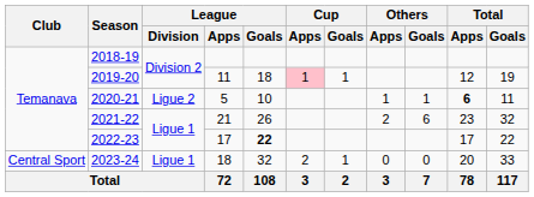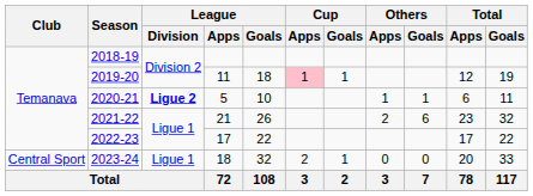 <table class="wikitable" style="text-align:center;">
 <tr>
 <th rowspan=2>Club</th>
 <th rowspan=2>Season</th>
 <th colspan=3>League</th>
 <th colspan=2>Cup</th>
 <th colspan=2>Others</th>
 <th colspan=2>Total</th>
 </tr>
 <tr>
 <th>Division</th>
 <th>Apps</th>
 <th>Goals</th>
 <th>Apps</th>
 <th>Goals</th>
 <th>Apps</th>
 <th>Goals</th>
 <th>Apps</th>
 <th>Goals</th>
 </tr>
 <tr>
 <td rowspan=5><a href='#'>Temanava</a></td>
 <td><a href='#'>2018-19</a></td>
 <td rowspan=2><a href='#'>Division 2</a></td>
 <td></td>
 <td></td>
 <td></td>
 <td></td>
 <td></td>
 <td></td>
 <td></td>
 <td></td>
 </tr>
 <tr>
 <td><a href='#'>2019-20</a></td>
 <td>11</td>
 <td>18</td>
 <td style="background: pink;">1</td>
 <td>1</td>
 <td></td>
 <td></td>
 <td>12</td>
 <td>19</td>
 </tr>
 <tr>
 <td><a href='#'>2020-21</a></td>
-<td><a href='#'>Ligue 2</a></td>
+<td><strong><a href='#'>Ligue 2</a></strong></td>
 <td>5</td>
 <td>10</td>
 <td></td>
 <td></td>
 <td>1</td>
 <td>1</td>
-<td><strong>6</strong></td>
+<td>6</td>
 <td>11</td>
 </tr>
 <tr>
 <td><a href='#'>2021-22</a></td>
 <td rowspan=2><a href='#'>Ligue 1</a></td>
 <td>21</td>
 <td>26</td>
 <td></td>
 <td></td>
 <td>2</td>
 <td>6</td>
 <td>23</td>
 <td>32</td>
 </tr>
 <tr>
 <td><a href='#'>2022-23</a></td>
 <td>17</td>
-<td><strong>22</strong></td>
+<td>22</td>
 <td></td>
 <td></td>
 <td></td>
 <td></td>
 <td>17</td>
 <td>22</td>
 </tr>
 <tr>
 <td><a href='#'>Central Sport</a></td>
 <td><a href='#'>2023-24</a></td>
 <td><a href='#'>Ligue 1</a></td>
 <td>18</td>
 <td>32</td>
 <td>2</td>
 <td>1</td>
 <td>0</td>
 <td>0</td>
 <td>20</td>
 <td>33</td>
 </tr>
 <tr>
 <th colspan=3>Total</th>
 <th>72</th>
 <th>108</th>
 <th>3</th>
 <th>2</th>
 <th>3</th>
 <th>7</th>
 <th>78</th>
 <th>117</th>
 </tr>
 </table>
